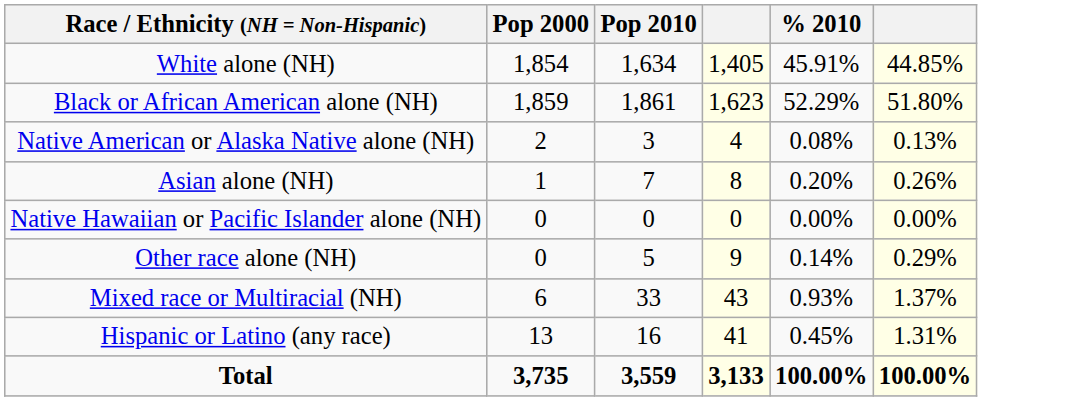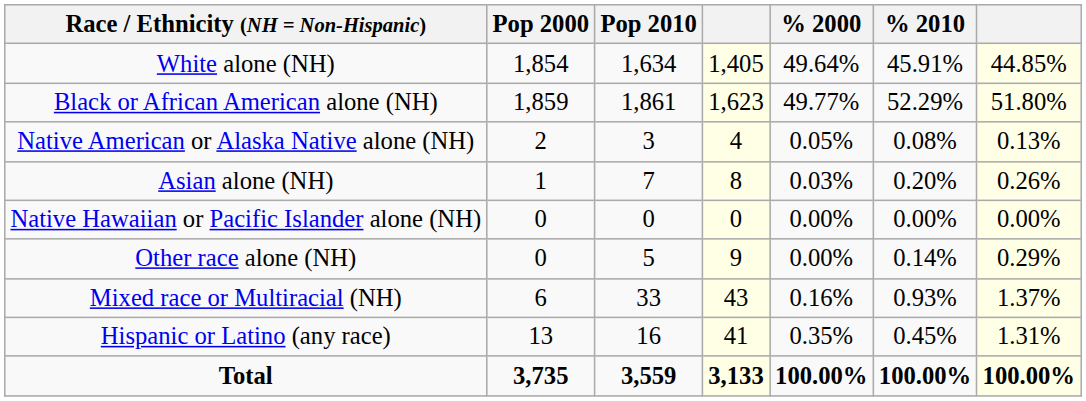 <table class="wikitable" style="text-align:center;">
 <tr>
 <th>Race / Ethnicity <small>(<em>NH = Non-Hispanic</em>)</small></th>
 <th>Pop 2000</th>
 <th>Pop 2010</th>
 <th></th>
+<th>% 2000</th>
 <th>% 2010</th>
 <th></th>
 </tr>
 <tr>
 <td><a href='#'>White</a> alone (NH)</td>
 <td>1,854</td>
 <td>1,634</td>
 <td style='background: #ffffe6;'>1,405</td>
+<td>49.64%</td>
 <td>45.91%</td>
 <td style='background: #ffffe6;'>44.85%</td>
 </tr>
 <tr>
 <td><a href='#'>Black or African American</a> alone (NH)</td>
 <td>1,859</td>
 <td>1,861</td>
 <td style='background: #ffffe6;'>1,623</td>
+<td>49.77%</td>
 <td>52.29%</td>
 <td style='background: #ffffe6;'>51.80%</td>
 </tr>
 <tr>
 <td><a href='#'>Native American</a> or <a href='#'>Alaska Native</a> alone (NH)</td>
 <td>2</td>
 <td>3</td>
 <td style='background: #ffffe6;'>4</td>
+<td>0.05%</td>
 <td>0.08%</td>
 <td style='background: #ffffe6;'>0.13%</td>
 </tr>
 <tr>
 <td><a href='#'>Asian</a> alone (NH)</td>
 <td>1</td>
 <td>7</td>
 <td style='background: #ffffe6;'>8</td>
+<td>0.03%</td>
 <td>0.20%</td>
 <td style='background: #ffffe6;'>0.26%</td>
 </tr>
 <tr>
 <td><a href='#'>Native Hawaiian</a> or <a href='#'>Pacific Islander</a> alone (NH)</td>
 <td>0</td>
 <td>0</td>
 <td style='background: #ffffe6;'>0</td>
 <td>0.00%</td>
+<td>0.00%</td>
 <td style='background: #ffffe6;'>0.00%</td>
 </tr>
 <tr>
 <td><a href='#'>Other race</a> alone (NH)</td>
 <td>0</td>
 <td>5</td>
 <td style='background: #ffffe6;'>9</td>
+<td>0.00%</td>
 <td>0.14%</td>
 <td style='background: #ffffe6;'>0.29%</td>
 </tr>
 <tr>
 <td><a href='#'>Mixed race or Multiracial</a> (NH)</td>
 <td>6</td>
 <td>33</td>
 <td style='background: #ffffe6;'>43</td>
+<td>0.16%</td>
 <td>0.93%</td>
 <td style='background: #ffffe6;'>1.37%</td>
 </tr>
 <tr>
 <td><a href='#'>Hispanic or Latino</a> (any race)</td>
 <td>13</td>
 <td>16</td>
 <td style='background: #ffffe6;'>41</td>
+<td>0.35%</td>
 <td>0.45%</td>
 <td style='background: #ffffe6;'>1.31%</td>
 </tr>
 <tr>
 <td><strong>Total</strong></td>
 <td><strong>3,735</strong></td>
 <td><strong>3,559</strong></td>
 <td style='background: #ffffe6;'><strong>3,133</strong></td>
 <td><strong>100.00%</strong></td>
+<td><strong>100.00%</strong></td>
 <td style='background: #ffffe6;'><strong>100.00%</strong></td>
 </tr>
 </table>
